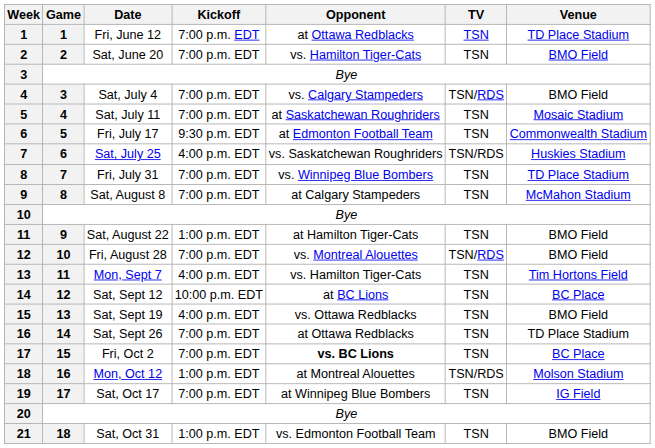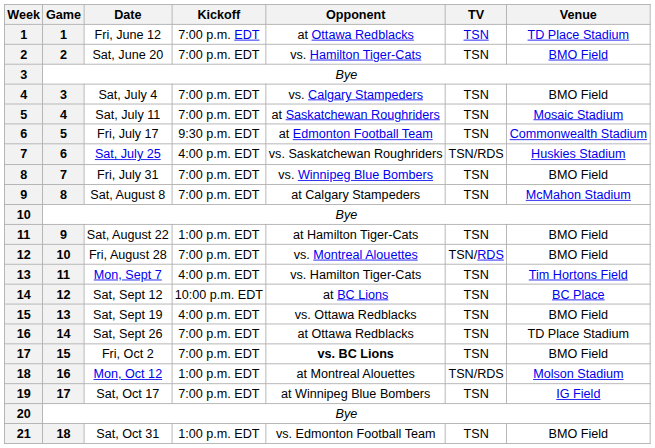 <table class="wikitable" style="font-size: 95%;">
 <tr>
 <th scope="col">Week</th>
 <th scope="col">Game</th>
 <th scope="col">Date</th>
 <th scope="col">Kickoff</th>
 <th scope="col">Opponent</th>
 <th scope="col">TV</th>
 <th scope="col">Venue</th>
 </tr>
 <tr align="center"= bgcolor="ffffff">
 <th align="center">1</th>
 <th align="center">1</th>
 <td align="center">Fri, June 12</td>
 <td align="center">7:00 p.m. <a href='#'>EDT</a></td>
 <td align="center">at <a href='#'>Ottawa Redblacks</a></td>
 <td align="center"><a href='#'>TSN</a></td>
 <td align="center"><a href='#'>TD Place Stadium</a></td>
 </tr>
 <tr align="center"= bgcolor="ffffff">
 <th align="center">2</th>
 <th align="center">2</th>
 <td align="center">Sat, June 20</td>
 <td align="center">7:00 p.m. EDT</td>
 <td align="center">vs. <a href='#'>Hamilton Tiger-Cats</a></td>
 <td align="center">TSN</td>
 <td align="center"><a href='#'>BMO Field</a></td>
 </tr>
 <tr align="center"= bgcolor="ffffff">
 <th align="center">3</th>
 <td colspan=10 align="center" valign="middle"><em>Bye</em></td>
 </tr>
 <tr align="center"= bgcolor="ffffff">
 <th align="center">4</th>
 <th align="center">3</th>
 <td align="center">Sat, July 4</td>
 <td align="center">7:00 p.m. EDT</td>
 <td align="center">vs. <a href='#'>Calgary Stampeders</a></td>
-<td align="center">TSN/<a href='#'>RDS</a></td>
+<td align="center">TSN</td>
 <td align="center">BMO Field</td>
 </tr>
 <tr align="center"= bgcolor="ffffff">
 <th align="center">5</th>
 <th align="center">4</th>
 <td align="center">Sat, July 11</td>
 <td align="center">7:00 p.m. EDT</td>
 <td align="center">at <a href='#'>Saskatchewan Roughriders</a></td>
 <td align="center">TSN</td>
 <td align="center"><a href='#'>Mosaic Stadium</a></td>
 </tr>
 <tr align="center"= bgcolor="ffffff">
 <th align="center">6</th>
 <th align="center">5</th>
 <td align="center">Fri, July 17</td>
 <td align="center">9:30 p.m. EDT</td>
 <td align="center">at <a href='#'>Edmonton Football Team</a></td>
 <td align="center">TSN</td>
 <td align="center"><a href='#'>Commonwealth Stadium</a></td>
 </tr>
 <tr align="center"= bgcolor="ffffff">
 <th align="center">7</th>
 <th align="center">6</th>
 <td align="center"><a href='#'>Sat, July 25</a></td>
 <td align="center">4:00 p.m. EDT</td>
 <td align="center">vs. Saskatchewan Roughriders</td>
 <td align="center">TSN/RDS</td>
 <td align="center"><a href='#'>Huskies Stadium</a></td>
 </tr>
 <tr align="center"= bgcolor="ffffff">
 <th align="center">8</th>
 <th align="center">7</th>
 <td align="center">Fri, July 31</td>
 <td align="center">7:00 p.m. EDT</td>
 <td align="center">vs. <a href='#'>Winnipeg Blue Bombers</a></td>
 <td align="center">TSN</td>
-<td align="center"><a href='#'>TD Place Stadium</a></td>
+<td align="center">BMO Field</td>
 </tr>
 <tr align="center"= bgcolor="ffffff">
 <th align="center">9</th>
 <th align="center">8</th>
 <td align="center">Sat, August 8</td>
 <td align="center">7:00 p.m. EDT</td>
 <td align="center">at Calgary Stampeders</td>
 <td align="center">TSN</td>
 <td align="center"><a href='#'>McMahon Stadium</a></td>
 </tr>
 <tr align="center"= bgcolor="ffffff">
 <th align="center">10</th>
 <td colspan=10 align="center" valign="middle"><em>Bye</em></td>
 </tr>
 <tr align="center"= bgcolor="ffffff">
 <th align="center">11</th>
 <th align="center">9</th>
 <td align="center">Sat, August 22</td>
 <td align="center">1:00 p.m. EDT</td>
 <td align="center">at Hamilton Tiger-Cats</td>
 <td align="center">TSN</td>
 <td align="center">BMO Field</td>
 </tr>
 <tr align="center"= bgcolor="ffffff">
 <th align="center">12</th>
 <th align="center">10</th>
 <td align="center">Fri, August 28</td>
 <td align="center">7:00 p.m. EDT</td>
 <td align="center">vs. <a href='#'>Montreal Alouettes</a></td>
 <td align="center">TSN/<a href='#'>RDS</a></td>
 <td align="center">BMO Field</td>
 </tr>
 <tr align="center"= bgcolor="ffffff">
 <th align="center">13</th>
 <th align="center">11</th>
 <td align="center"><a href='#'>Mon, Sept 7</a></td>
 <td align="center">4:00 p.m. EDT</td>
 <td align="center">vs. Hamilton Tiger-Cats</td>
 <td align="center">TSN</td>
 <td align="center"><a href='#'>Tim Hortons Field</a></td>
 </tr>
 <tr align="center"= bgcolor="ffffff">
 <th align="center">14</th>
 <th align="center">12</th>
 <td align="center">Sat, Sept 12</td>
 <td align="center">10:00 p.m. EDT</td>
 <td align="center">at <a href='#'>BC Lions</a></td>
 <td align="center">TSN</td>
 <td align="center"><a href='#'>BC Place</a></td>
 </tr>
 <tr align="center"= bgcolor="ffffff">
 <th align="center">15</th>
 <th align="center">13</th>
 <td align="center">Sat, Sept 19</td>
 <td align="center">4:00 p.m. EDT</td>
 <td align="center">vs. Ottawa Redblacks</td>
 <td align="center">TSN</td>
 <td align="center">BMO Field</td>
 </tr>
 <tr align="center"= bgcolor="ffffff">
 <th align="center">16</th>
 <th align="center">14</th>
 <td align="center">Sat, Sept 26</td>
 <td align="center">7:00 p.m. EDT</td>
 <td align="center">at Ottawa Redblacks</td>
 <td align="center">TSN</td>
 <td align="center">TD Place Stadium</td>
 </tr>
 <tr align="center"= bgcolor="ffffff">
 <th align="center">17</th>
 <th align="center">15</th>
 <td align="center">Fri, Oct 2</td>
 <td align="center">7:00 p.m. EDT</td>
 <td align="center"><strong>vs. BC Lions</strong></td>
 <td align="center">TSN</td>
-<td align="center"><a href='#'>BC Place</a></td>
+<td align="center">BMO Field</td>
 </tr>
 <tr align="center"= bgcolor="ffffff">
 <th align="center">18</th>
 <th align="center">16</th>
 <td align="center"><a href='#'>Mon, Oct 12</a></td>
 <td align="center">1:00 p.m. EDT</td>
 <td align="center">at Montreal Alouettes</td>
 <td align="center">TSN/RDS</td>
 <td align="center"><a href='#'>Molson Stadium</a></td>
 </tr>
 <tr align="center"= bgcolor="ffffff">
 <th align="center">19</th>
 <th align="center">17</th>
 <td align="center">Sat, Oct 17</td>
 <td align="center">7:00 p.m. EDT</td>
 <td align="center">at Winnipeg Blue Bombers</td>
 <td align="center">TSN</td>
 <td align="center"><a href='#'>IG Field</a></td>
 </tr>
 <tr align="center"= bgcolor="ffffff">
 <th align="center">20</th>
 <td colspan=10 align="center" valign="middle"><em>Bye</em></td>
 </tr>
 <tr align="center"= bgcolor="ffffff">
 <th align="center">21</th>
 <th align="center">18</th>
 <td align="center">Sat, Oct 31</td>
 <td align="center">1:00 p.m. EDT</td>
 <td align="center">vs. Edmonton Football Team</td>
 <td align="center">TSN</td>
 <td align="center">BMO Field</td>
 </tr>
 </table>
